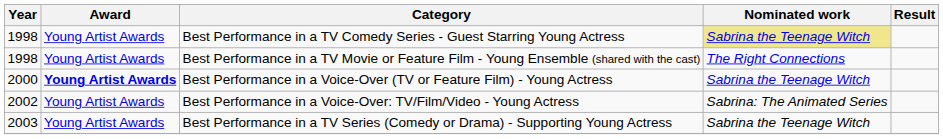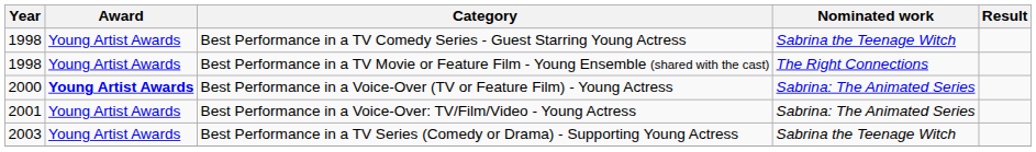 <table class="wikitable">
 <tr>
 <th>Year</th>
 <th>Award</th>
 <th>Category</th>
 <th>Nominated work</th>
 <th>Result</th>
 </tr>
 <tr>
 <td>1998</td>
 <td><a href='#'> Young Artist Awards</a></td>
 <td>Best Performance in a TV Comedy Series - Guest Starring Young Actress</td>
-<td style="background: khaki;"><em><a href='#'>Sabrina the Teenage Witch</a></em></td>
+<td><em><a href='#'>Sabrina the Teenage Witch</a></em></td>
 <td></td>
 </tr>
 <tr>
 <td>1998</td>
 <td><a href='#'> Young Artist Awards</a></td>
 <td>Best Performance in a TV Movie or Feature Film - Young Ensemble <small>(shared with the cast)</small></td>
 <td><em><a href='#'>The Right Connections</a></em></td>
 <td></td>
 </tr>
 <tr>
 <td>2000</td>
 <td><strong><a href='#'> Young Artist Awards</a></strong></td>
 <td>Best Performance in a Voice-Over (TV or Feature Film) - Young Actress</td>
-<td><em><a href='#'>Sabrina the Teenage Witch</a></em></td>
+<td><em><a href='#'>Sabrina: The Animated Series</a></em></td>
 <td></td>
 </tr>
 <tr>
-<td>2002</td>
+<td>2001</td>
 <td><a href='#'> Young Artist Awards</a></td>
 <td>Best Performance in a Voice-Over: TV/Film/Video - Young Actress</td>
 <td><em>Sabrina: The Animated Series</em></td>
 <td></td>
 </tr>
 <tr>
 <td>2003</td>
 <td><a href='#'> Young Artist Awards</a></td>
 <td>Best Performance in a TV Series (Comedy or Drama) - Supporting Young Actress</td>
 <td><em>Sabrina the Teenage Witch</em></td>
 <td></td>
 </tr>
 <tr>
 </tr>
 </table>
